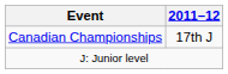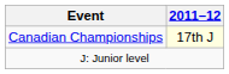 <table class="wikitable" style="text-align:center">
 <tr>
 <th>Event</th>
 <th><a href='#'>2011–12</a></th>
 </tr>
 <tr>
 <td align=left><a href='#'>Canadian Championships</a></td>
-<td>17th J</td>
+<td style="background: lightyellow;">17th J</td>
 </tr>
 <tr>
 <td colspan=2 align=center><small> J: Junior level </small></td>
 </tr>
 </table>
